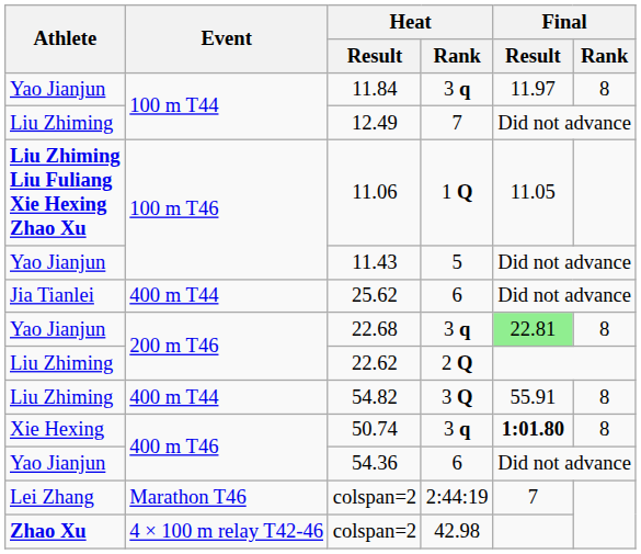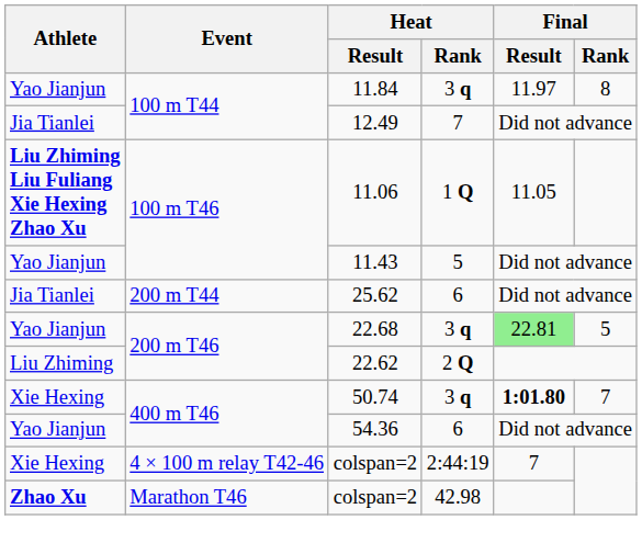 <table class="wikitable" style="text-align: center; font-size:90%">
 <tr>
 <th rowspan="2">Athlete</th>
 <th rowspan="2">Event</th>
 <th colspan="2">Heat</th>
 <th colspan="2">Final</th>
 </tr>
 <tr>
 <th>Result</th>
 <th>Rank</th>
 <th>Result</th>
 <th>Rank</th>
 </tr>
 <tr>
 <td align=left><a href='#'>Yao Jianjun</a></td>
 <td align=left rowspan=2><a href='#'>100 m T44</a></td>
 <td>11.84 </td>
 <td>3 <strong>q</strong></td>
 <td>11.97</td>
 <td>8</td>
 </tr>
 <tr>
-<td align=left><a href='#'>Liu Zhiming</a></td>
+<td align=left><a href='#'>Jia Tianlei</a></td>
 <td>12.49</td>
 <td>7</td>
 <td colspan=2>Did not advance</td>
 </tr>
 <tr>
 <td align=left><strong><a href='#'>Liu Zhiming</a><br><a href='#'>Liu Fuliang</a><br><a href='#'>Xie Hexing</a><br><a href='#'>Zhao Xu</a></strong></td>
 <td align=left rowspan=2><a href='#'>100 m T46</a></td>
 <td>11.06 </td>
 <td>1 <strong>Q</strong></td>
 <td>11.05 </td>
 <td></td>
 </tr>
 <tr>
 <td align=left><a href='#'>Yao Jianjun</a></td>
 <td>11.43</td>
 <td>5</td>
 <td colspan=2>Did not advance</td>
 </tr>
 <tr>
 <td align=left><a href='#'>Jia Tianlei</a></td>
-<td align=left><a href='#'>400 m T44</a></td>
+<td align=left><a href='#'>200 m T44</a></td>
 <td>25.62</td>
 <td>6</td>
 <td colspan=2>Did not advance</td>
 </tr>
 <tr>
 <td align=left><a href='#'>Yao Jianjun</a></td>
 <td align=left rowspan=2><a href='#'>200 m T46</a></td>
 <td>22.68</td>
 <td>3 <strong>q</strong></td>
 <td style="background: lightgreen;">22.81</td>
-<td>8</td>
+<td>5</td>
 </tr>
 <tr>
 <td align=left><a href='#'>Liu Zhiming</a></td>
 <td>22.62 </td>
 <td>2 <strong>Q</strong></td>
 <td colspan=2></td>
 </tr>
 <tr>
-<td align=left><a href='#'>Liu Zhiming</a></td>
-<td align=left><a href='#'>400 m T44</a></td>
-<td>54.82 </td>
-<td>3 <strong>Q</strong></td>
-<td>55.91</td>
-<td>8</td>
-</tr>
-<tr>
 <td align=left><a href='#'>Xie Hexing</a></td>
 <td align=left rowspan=2><a href='#'>400 m T46</a></td>
 <td>50.74</td>
 <td>3 <strong>q</strong></td>
 <td><strong>1:01.80</strong></td>
-<td>8</td>
+<td>7</td>
 </tr>
 <tr>
 <td align=left><a href='#'>Yao Jianjun</a></td>
 <td>54.36</td>
 <td>6</td>
 <td colspan=2>Did not advance</td>
 </tr>
 <tr>
-<td align=left><a href='#'>Lei Zhang</a></td>
-<td align=left><a href='#'>Marathon T46</a></td>
+<td align=left><a href='#'>Xie Hexing</a></td>
+<td align=left><a href='#'>4 × 100 m relay T42-46</a></td>
 <td>colspan=2 </td>
 <td>2:44:19</td>
 <td>7</td>
 </tr>
 <tr>
 <td align=left><strong><a href='#'>Zhao Xu</a></strong></td>
-<td align=left><a href='#'>4 × 100 m relay T42-46</a></td>
+<td align=left><a href='#'>Marathon T46</a></td>
 <td>colspan=2 </td>
 <td>42.98 </td>
 <td></td>
 </tr>
 </table>
